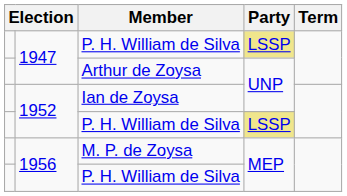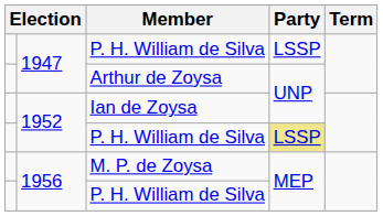 <table class="wikitable">
 <tr>
 <th colspan="2">Election</th>
 <th>Member</th>
 <th>Party</th>
 <th>Term</th>
 </tr>
 <tr>
 <td style="background-color: "></td>
 <td rowspan=2><a href='#'>1947</a></td>
 <td><a href='#'>P. H. William de Silva</a></td>
-<td style="background: khaki;"><a href='#'>LSSP</a></td>
+<td><a href='#'>LSSP</a></td>
 <td rowspan=2></td>
 </tr>
 <tr>
 <td style="background-color: "></td>
 <td><a href='#'>Arthur de Zoysa</a></td>
 <td rowspan=2><a href='#'>UNP</a></td>
 </tr>
 <tr>
 <td style="background-color: "></td>
 <td rowspan=2><a href='#'>1952</a></td>
 <td><a href='#'>Ian de Zoysa</a></td>
 <td rowspan=2></td>
 </tr>
 <tr>
 <td style="background-color: "></td>
 <td><a href='#'>P. H. William de Silva</a></td>
 <td style="background: khaki;"><a href='#'>LSSP</a></td>
 </tr>
 <tr>
 <td style="background-color: "></td>
 <td rowspan=2><a href='#'>1956</a></td>
 <td><a href='#'>M. P. de Zoysa</a></td>
 <td rowspan=2><a href='#'>MEP</a></td>
 <td rowspan=2></td>
 </tr>
 <tr>
 <td style="background-color: "></td>
 <td><a href='#'>P. H. William de Silva</a></td>
 </tr>
 </table>
